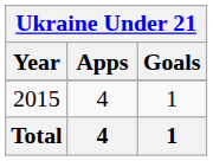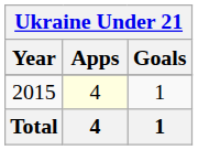 <table class="wikitable" style="text-align:center">
 <tr>
 <th colspan=3><a href='#'>Ukraine Under 21</a></th>
 </tr>
 <tr>
 <th>Year</th>
 <th width="40">Apps</th>
 <th width="40">Goals</th>
 </tr>
 <tr>
 </tr>
 <tr>
 <td>2015</td>
-<td>4</td>
+<td style="background: lightyellow;">4</td>
 <td>1</td>
 </tr>
 <tr>
 <th>Total</th>
 <th>4</th>
 <th>1</th>
 </tr>
 </table>
